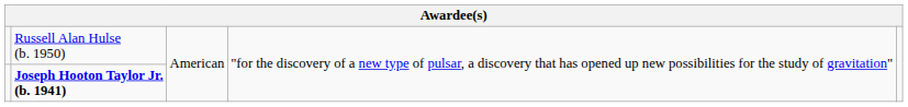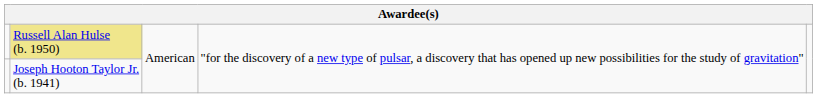 <table class="wikitable">
 <tr>
 <th colspan="5">Awardee(s)</th>
 </tr>
 <tr>
 <td></td>
-<td><a href='#'>Russell Alan Hulse</a><br>(b. 1950)</td>
+<td style="background: khaki;"><a href='#'>Russell Alan Hulse</a><br>(b. 1950)</td>
 <td rowspan="2"> American</td>
 <td rowspan="2">"for the discovery of a <a href='#'>new type</a> of <a href='#'>pulsar</a>, a discovery that has opened up new possibilities for the study of <a href='#'>gravitation</a>"</td>
 <td rowspan="2"></td>
 </tr>
 <tr>
 <td></td>
-<td><strong><a href='#'>Joseph Hooton Taylor Jr.</a><br>(b. 1941)</strong></td>
+<td><a href='#'>Joseph Hooton Taylor Jr.</a><br>(b. 1941)</td>
 </tr>
 </table>
